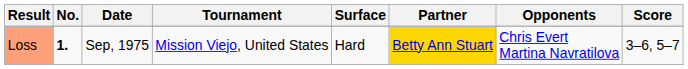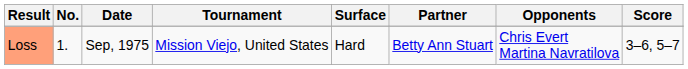 <table class="sortable wikitable">
 <tr>
 <th>Result</th>
 <th>No.</th>
 <th>Date</th>
 <th>Tournament</th>
 <th>Surface</th>
 <th>Partner</th>
 <th>Opponents</th>
 <th class="unsortable">Score</th>
 </tr>
 <tr>
 </tr>
 <tr>
 <td style="background:#ffa07a;">Loss</td>
-<td><strong>1.</strong></td>
+<td>1.</td>
 <td>Sep, 1975</td>
 <td><a href='#'>Mission Viejo</a>, United States</td>
 <td>Hard</td>
-<td style="background: gold;"> <a href='#'>Betty Ann Stuart</a></td>
+<td> <a href='#'>Betty Ann Stuart</a></td>
 <td> <a href='#'>Chris Evert</a> <br>  <a href='#'>Martina Navratilova</a></td>
 <td>3–6, 5–7</td>
 </tr>
 </table>
